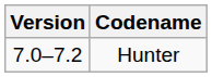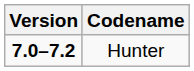 <table class="wikitable" style="font-size: smaller; text-align: center;">
 <tr>
 <th>Version</th>
 <th>Codename</th>
 </tr>
 <tr>
-<td>7.0–7.2</td>
+<td><strong>7.0–7.2</strong></td>
 <td>Hunter</td>
 </tr>
 </table>
